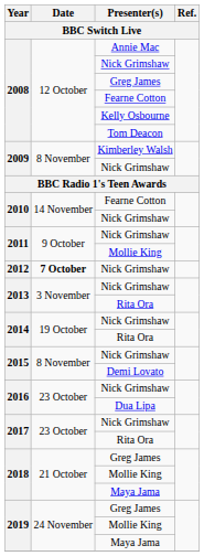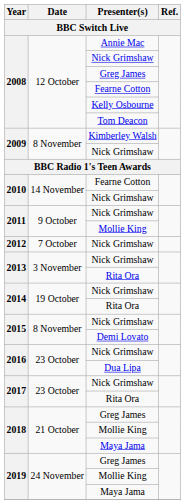 <table class="wikitable nowrap" style="text-align:center;">
 <tr>
 <th>Year</th>
 <th>Date</th>
 <th>Presenter(s)</th>
 <th>Ref.</th>
 </tr>
 <tr>
 <th colspan="4" style="text-align:center;">BBC Switch Live</th>
 </tr>
 <tr>
 <th rowspan=6>2008</th>
 <td rowspan=6>12 October</td>
 <td><a href='#'>Annie Mac</a></td>
 <td rowspan=6></td>
 </tr>
 <tr>
 <td><a href='#'>Nick Grimshaw</a></td>
 </tr>
 <tr>
 <td><a href='#'>Greg James</a></td>
 </tr>
 <tr>
 <td><a href='#'>Fearne Cotton</a></td>
 </tr>
 <tr>
 <td><a href='#'>Kelly Osbourne</a></td>
 </tr>
 <tr>
 <td><a href='#'>Tom Deacon</a></td>
 </tr>
 <tr>
 <th rowspan=2>2009</th>
 <td rowspan=2>8 November</td>
 <td><a href='#'>Kimberley Walsh</a></td>
 <td rowspan=2></td>
 </tr>
 <tr>
 <td>Nick Grimshaw</td>
 </tr>
 <tr>
 <th colspan="4" style="text-align:center;">BBC Radio 1's Teen Awards</th>
 </tr>
 <tr>
 <th rowspan=2>2010</th>
 <td rowspan=2>14 November</td>
 <td>Fearne Cotton</td>
 <td rowspan=2></td>
 </tr>
 <tr>
 <td>Nick Grimshaw</td>
 </tr>
 <tr>
 <th rowspan=2>2011</th>
 <td rowspan=2>9 October</td>
 <td>Nick Grimshaw</td>
 <td rowspan=2></td>
 </tr>
 <tr>
 <td><a href='#'>Mollie King</a></td>
 </tr>
 <tr>
 <th>2012</th>
-<td><strong>7 October</strong></td>
+<td>7 October</td>
 <td>Nick Grimshaw</td>
 <td></td>
 </tr>
 <tr>
 <th rowspan=2>2013</th>
 <td rowspan=2>3 November</td>
 <td>Nick Grimshaw</td>
 <td rowspan=2></td>
 </tr>
 <tr>
 <td><a href='#'>Rita Ora</a></td>
 </tr>
 <tr>
 <th rowspan=2>2014</th>
 <td rowspan=2>19 October</td>
 <td>Nick Grimshaw</td>
 <td rowspan=2></td>
 </tr>
 <tr>
 <td>Rita Ora</td>
 </tr>
 <tr>
 <th rowspan=2>2015</th>
 <td rowspan=2>8 November</td>
 <td>Nick Grimshaw</td>
 <td rowspan=2></td>
 </tr>
 <tr>
 <td><a href='#'>Demi Lovato</a></td>
 </tr>
 <tr>
 <th rowspan=2>2016</th>
 <td rowspan=2>23 October</td>
 <td>Nick Grimshaw</td>
 <td rowspan=2></td>
 </tr>
 <tr>
 <td><a href='#'>Dua Lipa</a></td>
 </tr>
 <tr>
 <th rowspan=2>2017</th>
 <td rowspan=2>23 October</td>
 <td>Nick Grimshaw</td>
 <td rowspan=2></td>
 </tr>
 <tr>
 <td>Rita Ora</td>
 </tr>
 <tr>
 <th rowspan=3>2018</th>
 <td rowspan=3>21 October</td>
 <td>Greg James</td>
 <td rowspan=3></td>
 </tr>
 <tr>
 <td>Mollie King</td>
 </tr>
 <tr>
 <td><a href='#'>Maya Jama</a></td>
 </tr>
 <tr>
 <th rowspan=3>2019</th>
 <td rowspan=3>24 November</td>
 <td>Greg James</td>
 <td rowspan=3></td>
 </tr>
 <tr>
 <td>Mollie King</td>
 </tr>
 <tr>
 <td>Maya Jama</td>
 </tr>
 <tr>
 </tr>
 </table>
